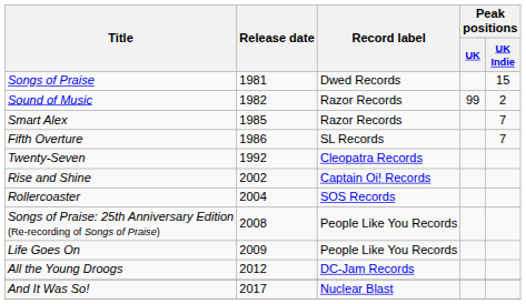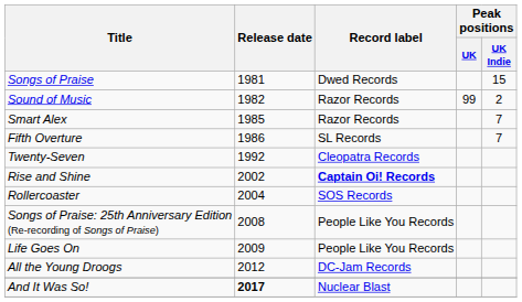 <table class="wikitable">
 <tr>
 <th align="center" rowspan="2">Title</th>
 <th align="center" rowspan="2">Release date</th>
 <th align="center" rowspan="2">Record label</th>
 <th align="center" colspan="2">Peak positions</th>
 </tr>
 <tr>
 <th width="20"><small><a href='#'>UK</a></small></th>
 <th width="20"><small><a href='#'>UK <br>Indie</a></small></th>
 </tr>
 <tr>
 <td><em><a href='#'>Songs of Praise</a></em></td>
 <td>1981</td>
 <td>Dwed Records</td>
 <td align="center"></td>
 <td align="center">15</td>
 </tr>
 <tr>
 <td><em><a href='#'>Sound of Music</a></em></td>
 <td>1982</td>
 <td>Razor Records</td>
 <td align="center">99</td>
 <td align="center">2</td>
 </tr>
 <tr>
 <td><em>Smart Alex</em></td>
 <td>1985</td>
 <td>Razor Records</td>
 <td align="center"></td>
 <td align="center">7</td>
 </tr>
 <tr>
 <td><em>Fifth Overture</em></td>
 <td>1986</td>
 <td>SL Records</td>
 <td align="center"></td>
 <td align="center">7</td>
 </tr>
 <tr>
 <td><em>Twenty-Seven</em></td>
 <td>1992</td>
 <td><a href='#'>Cleopatra Records</a></td>
 <td align="center"></td>
 <td align="center"></td>
 </tr>
 <tr>
 <td><em>Rise and Shine</em></td>
 <td>2002</td>
-<td><a href='#'>Captain Oi! Records</a></td>
+<td><strong><a href='#'>Captain Oi! Records</a></strong></td>
 <td align="center"></td>
 <td align="center"></td>
 </tr>
 <tr>
 <td><em>Rollercoaster</em></td>
 <td>2004</td>
 <td><a href='#'>SOS Records</a></td>
 <td align="center"></td>
 <td align="center"></td>
 </tr>
 <tr>
 <td><em>Songs of Praise: 25th Anniversary Edition</em><br><small>(Re-recording of <em>Songs of Praise</em>)</small></td>
 <td>2008</td>
 <td>People Like You Records</td>
 <td align="center"></td>
 <td align="center"></td>
 </tr>
 <tr>
 <td><em>Life Goes On</em></td>
 <td>2009</td>
 <td>People Like You Records</td>
 <td align="center"></td>
 <td align="center"></td>
 </tr>
 <tr>
 <td><em>All the Young Droogs</em></td>
 <td>2012</td>
 <td><a href='#'>DC-Jam Records</a></td>
 <td align="center"></td>
 <td align="center"></td>
 </tr>
 <tr>
 </tr>
 <tr>
 <td><em>And It Was So!</em></td>
-<td>2017</td>
+<td><strong>2017</strong></td>
 <td><a href='#'>Nuclear Blast</a></td>
 <td align="center"></td>
 <td align="center"></td>
 </tr>
 <tr>
 </tr>
 </table>
